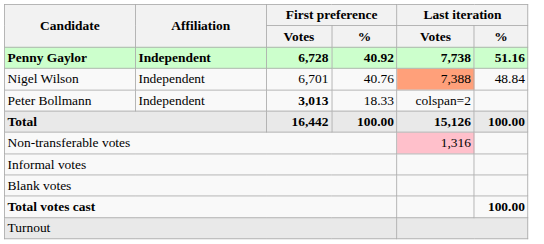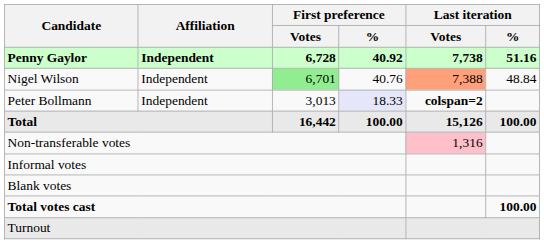 <table class="wikitable">
 <tr style="background:#e9e9e9;">
 <th rowspan="2" style="width:20%;">Candidate</th>
 <th rowspan="2" style="width:20%;">Affiliation</th>
 <th colspan="2" style="width:20%;">First preference</th>
 <th colspan="2" style="width:20%;">Last iteration</th>
 </tr>
 <tr style="background:#e9e9e9;">
 <th>Votes</th>
 <th>%</th>
 <th>Votes</th>
 <th>%</th>
 </tr>
 <tr style="text-align:right;background:#cfc;">
 <td style="text-align:left;"><strong>Penny Gaylor</strong></td>
 <td style="text-align:left;"><strong>Independent</strong></td>
 <td><strong>6,728</strong></td>
 <td><strong>40.92</strong></td>
 <td><strong>7,738</strong></td>
 <td><strong>51.16</strong></td>
 </tr>
 <tr style="text-align:right;">
 <td style="text-align:left;">Nigel Wilson</td>
 <td style="text-align:left;">Independent</td>
-<td>6,701</td>
+<td style="background: lightgreen;">6,701</td>
 <td>40.76</td>
 <td style="background: lightsalmon;">7,388</td>
 <td>48.84</td>
 </tr>
 <tr style="text-align:right;">
 <td style="text-align:left;">Peter Bollmann</td>
 <td style="text-align:left;">Independent</td>
-<td><strong>3,013</strong></td>
-<td>18.33</td>
-<td>colspan=2 </td>
+<td>3,013</td>
+<td style="background: lavender;">18.33</td>
+<td><strong>colspan=2 </strong></td>
 </tr>
 <tr style="background:#e9e9e9;text-align:right;">
 <td colspan=2 style="text-align:left;"><strong>Total</strong></td>
 <td><strong>16,442</strong></td>
 <td><strong>100.00</strong></td>
 <td><strong>15,126</strong></td>
 <td><strong>100.00</strong></td>
 </tr>
 <tr style="text-align:right;">
 <td colspan=4 style="text-align:left;">Non-transferable votes</td>
 <td style="background: pink;">1,316</td>
 <td></td>
 </tr>
 <tr style="text-align:right;">
 <td colspan=4 style="text-align:left;">Informal votes</td>
 <td></td>
 <td></td>
 </tr>
 <tr style="text-align:right;">
 <td colspan=4 style="text-align:left;">Blank votes</td>
 <td></td>
 <td></td>
 </tr>
 <tr style="text-align:right;">
 <td colspan=4 style="text-align:left;"><strong>Total votes cast</strong></td>
 <td></td>
 <td><strong>100.00</strong></td>
 </tr>
 <tr style="background:#e9e9e9;text-align:right;">
 <td colspan=4 style="text-align:left;">Turnout</td>
 <td colspan=2></td>
 </tr>
 </table>
